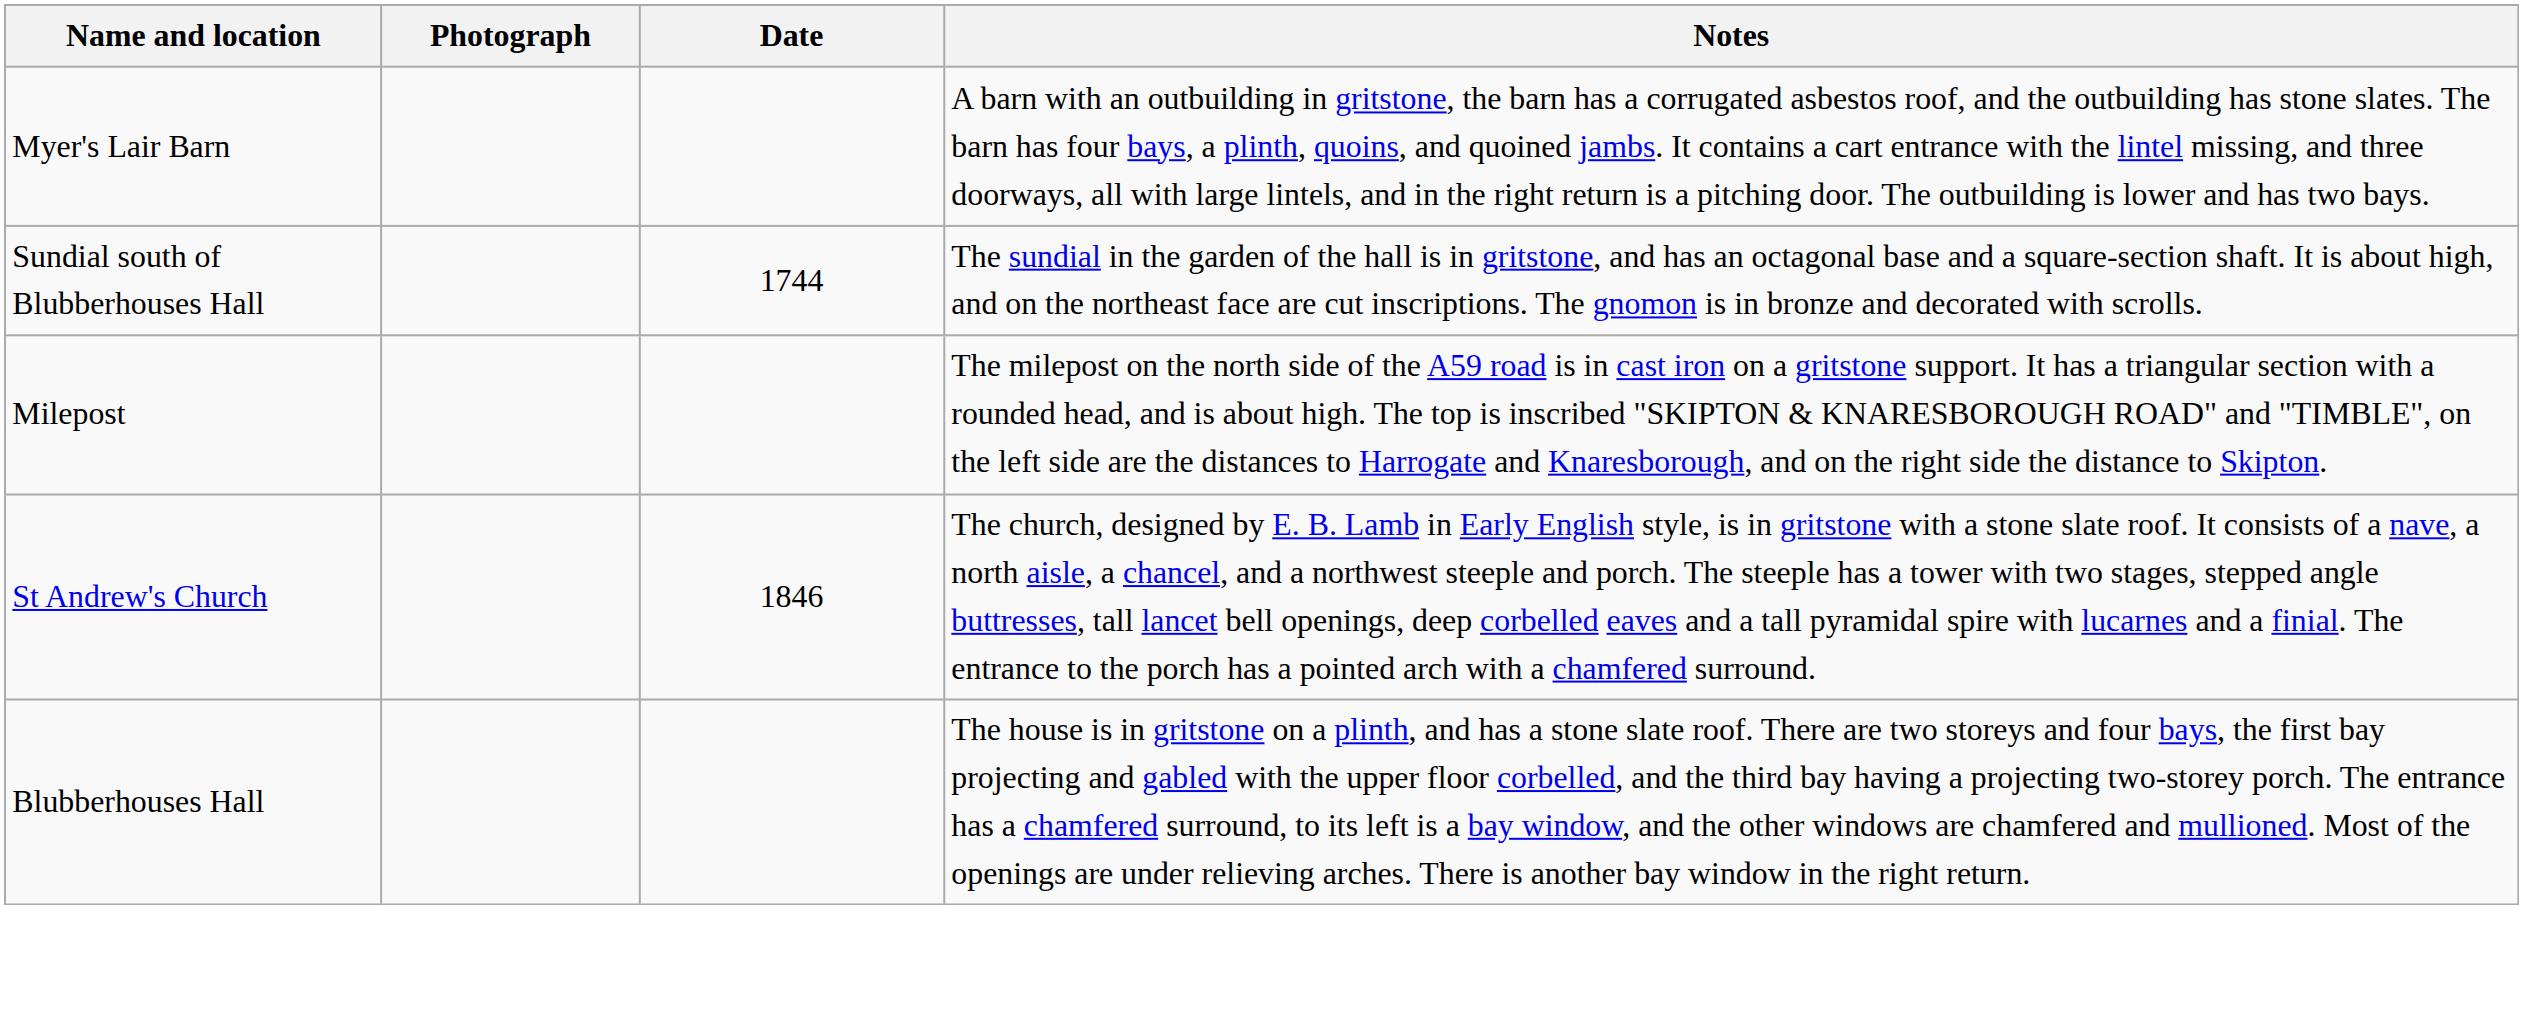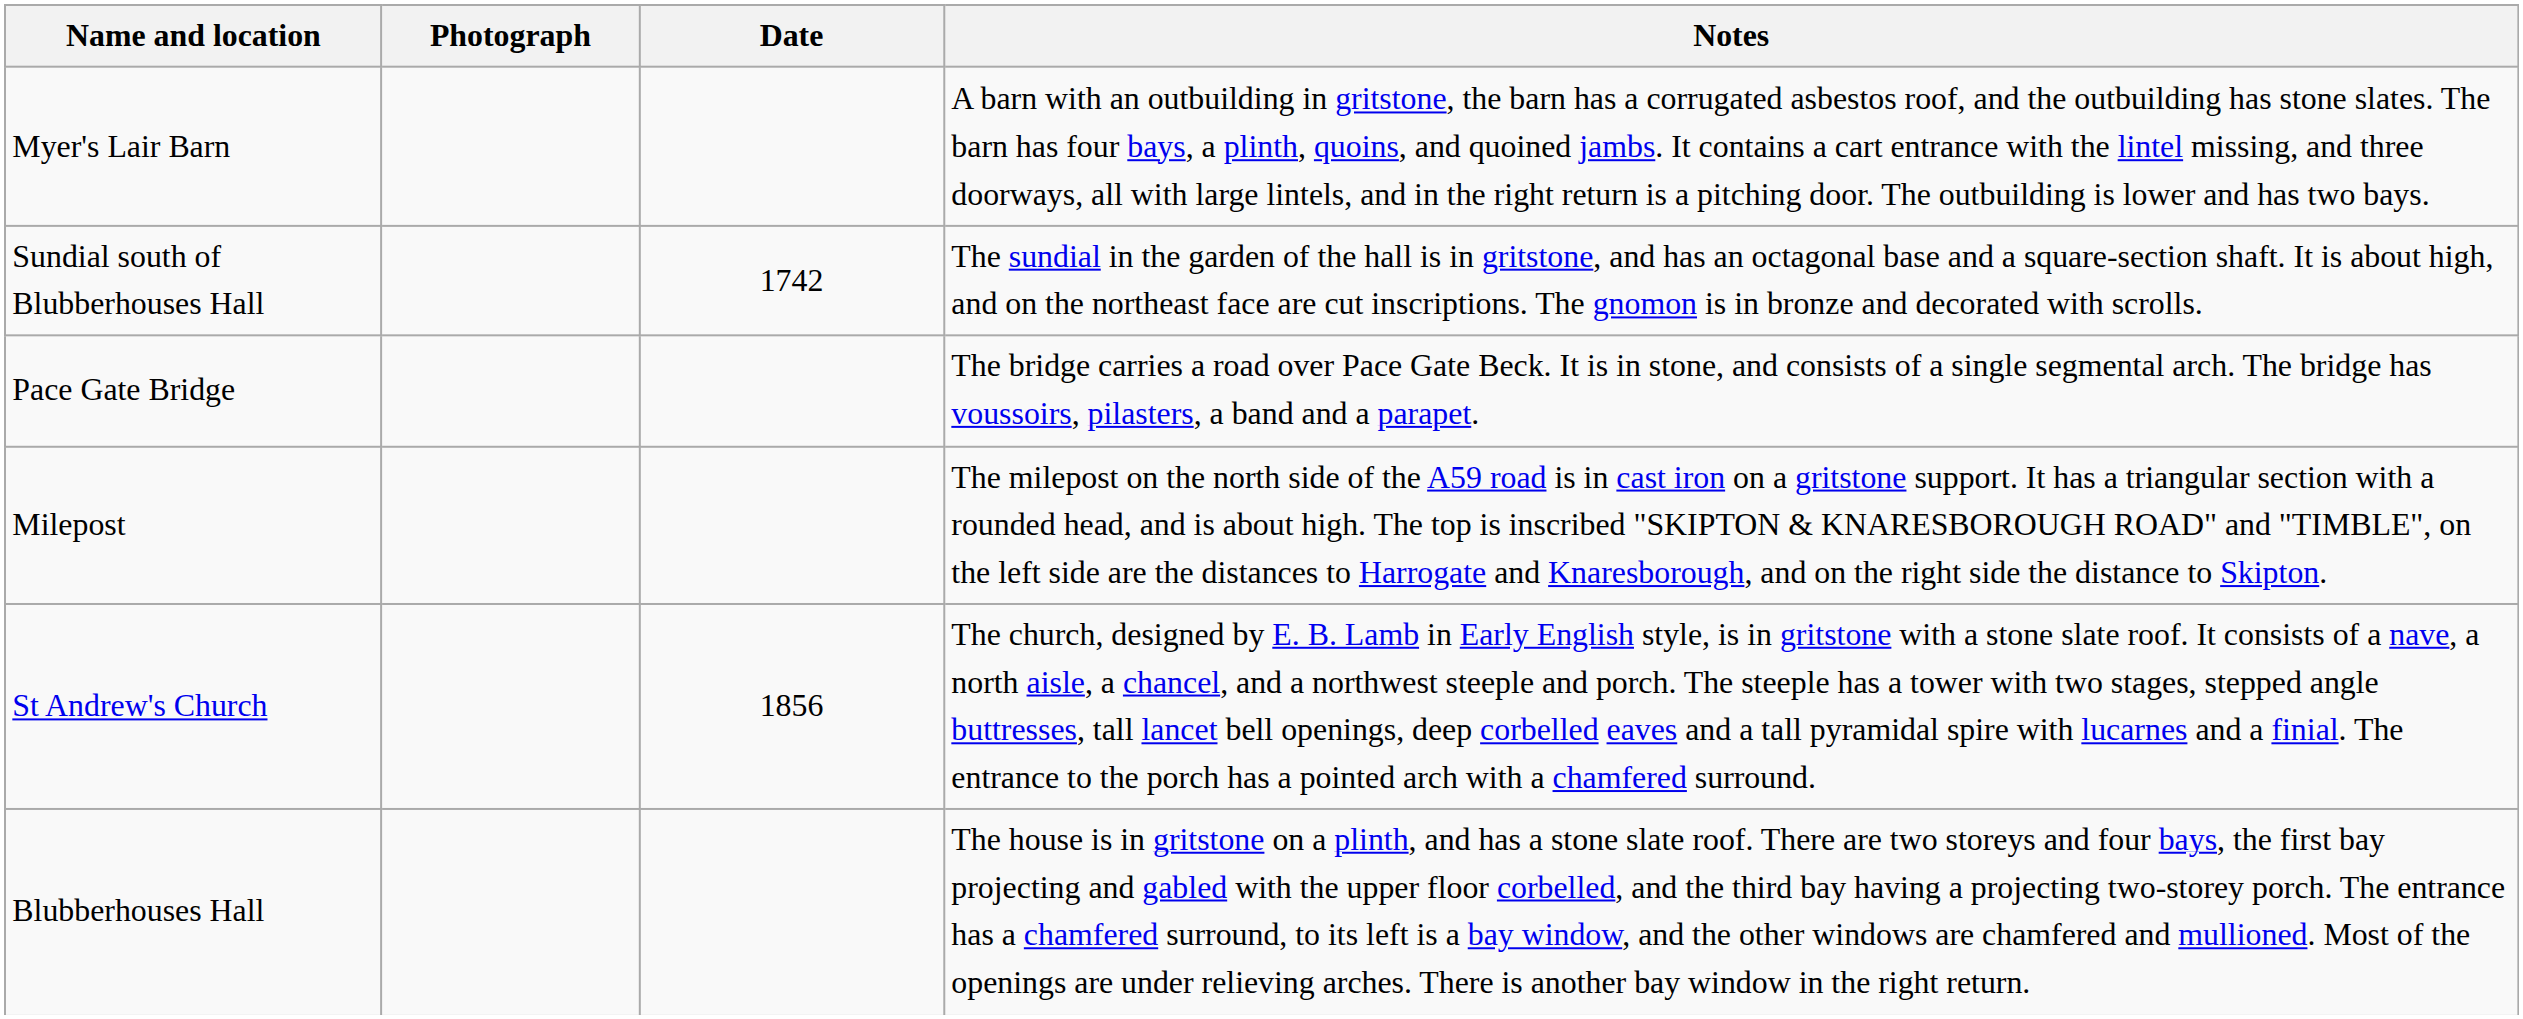 <table class="wikitable sortable plainrowheaders" style="width:100%;border:0px;text-align:left;line-height:150%;">
 <tr>
 <th scope="col"  style="width:150px">Name and location</th>
 <th scope="col"  style="width:100px" class="unsortable">Photograph</th>
 <th scope="col"  style="width:120px">Date</th>
 <th scope="col"  style="width:650px" class="unsortable">Notes</th>
 </tr>
 <tr>
 <td>Myer's Lair Barn<br><small></small></td>
 <td></td>
 <td align="center"></td>
 <td>A barn with an outbuilding in <a href='#'>gritstone</a>, the barn has a corrugated asbestos roof, and the outbuilding has stone slates.  The barn has four <a href='#'>bays</a>, a <a href='#'>plinth</a>, <a href='#'>quoins</a>, and quoined <a href='#'>jambs</a>. It contains a cart entrance with the <a href='#'>lintel</a> missing, and three doorways, all with large lintels, and in the right return is a pitching door.  The outbuilding is lower and has two bays.</td>
 </tr>
 <tr>
 <td>Sundial south of Blubberhouses Hall<br><small></small></td>
 <td></td>
-<td align="center">1744</td>
+<td align="center">1742</td>
 <td>The <a href='#'>sundial</a> in the garden of the hall is in <a href='#'>gritstone</a>, and has an octagonal base and a square-section shaft.  It is about  high, and on the northeast face are cut inscriptions.  The <a href='#'>gnomon</a> is in bronze and decorated with scrolls.</td>
+</tr>
+<tr>
+<td>Pace Gate Bridge<br><small></small></td>
+<td></td>
+<td align="center"></td>
+<td>The bridge carries a road over Pace Gate Beck.  It is in stone, and consists of a single segmental arch. The bridge has <a href='#'>voussoirs</a>, <a href='#'>pilasters</a>, a band and a <a href='#'>parapet</a>.</td>
 </tr>
 <tr>
 <td>Milepost<br><small></small></td>
 <td></td>
 <td align="center"></td>
 <td>The milepost on the north side of the <a href='#'>A59 road</a> is in <a href='#'>cast iron</a> on a <a href='#'>gritstone</a> support.  It has a triangular section with a rounded head, and is about  high.  The top is inscribed "SKIPTON & KNARESBOROUGH ROAD" and "TIMBLE", on the left side are the distances to <a href='#'>Harrogate</a> and <a href='#'>Knaresborough</a>, and on the right side the distance to <a href='#'>Skipton</a>.</td>
 </tr>
 <tr>
 <td><a href='#'>St Andrew's Church</a><br><small></small></td>
 <td></td>
-<td align="center">1846</td>
+<td align="center">1856</td>
 <td>The church, designed by <a href='#'>E. B. Lamb</a> in <a href='#'>Early English</a> style, is in <a href='#'>gritstone</a> with a stone slate roof.  It consists of a <a href='#'>nave</a>, a north <a href='#'>aisle</a>, a <a href='#'>chancel</a>, and a northwest steeple and porch.  The steeple has a tower with two stages, stepped angle <a href='#'>buttresses</a>, tall <a href='#'>lancet</a> bell openings, deep <a href='#'>corbelled</a> <a href='#'>eaves</a> and a tall pyramidal spire with <a href='#'>lucarnes</a> and a <a href='#'>finial</a>.  The entrance to the porch has a pointed arch with a <a href='#'>chamfered</a> surround.</td>
 </tr>
 <tr>
 <td>Blubberhouses Hall<br><small></small></td>
 <td></td>
 <td align="center"></td>
 <td>The house is in <a href='#'>gritstone</a> on a <a href='#'>plinth</a>, and has a stone slate roof.  There are two storeys and four <a href='#'>bays</a>, the first bay projecting and <a href='#'>gabled</a> with the upper floor <a href='#'>corbelled</a>, and the third bay having a projecting two-storey porch.  The entrance has a <a href='#'>chamfered</a> surround, to its left is a <a href='#'>bay window</a>, and the other windows are chamfered and <a href='#'>mullioned</a>.  Most of the openings are under relieving arches.  There is another bay window  in the right return.</td>
 </tr>
 <tr>
 </tr>
 </table>
